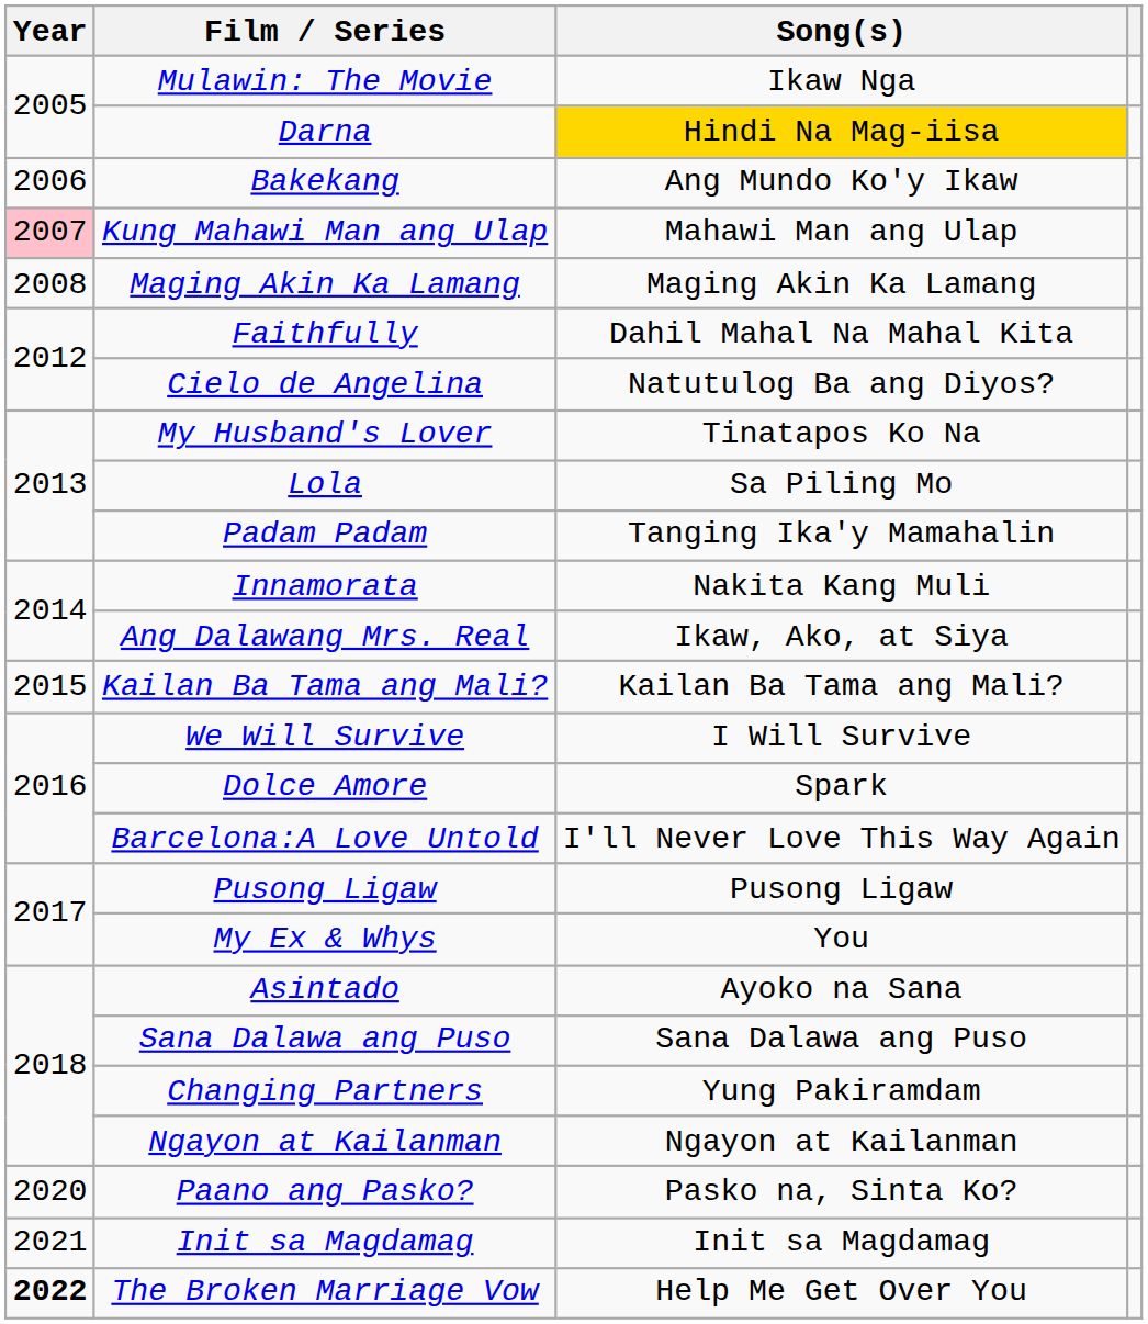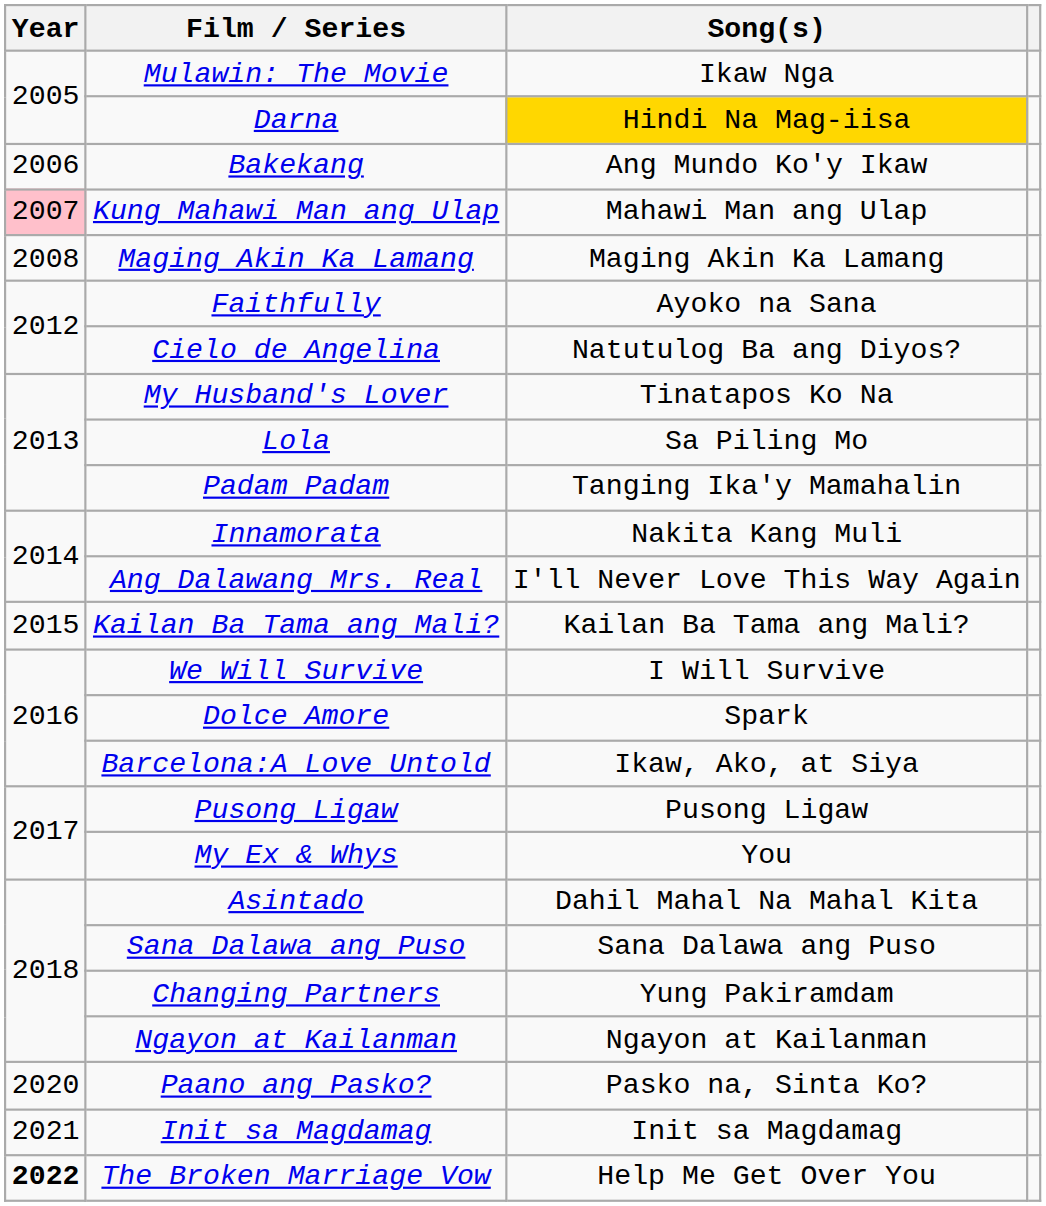 <table class="wikitable plainrowheaders" style="text-align:center;">
 <tr>
 <th scope="col">Year</th>
 <th scope="col">Film / Series</th>
 <th scope="col">Song(s)</th>
 <th scope="col"></th>
 </tr>
 <tr>
 <td rowspan="2">2005</td>
 <td><em><a href='#'>Mulawin: The Movie</a></em></td>
 <td>Ikaw Nga</td>
 <td></td>
 </tr>
 <tr>
 <td><em><a href='#'> Darna</a></em></td>
 <td style="background: gold;">Hindi Na Mag-iisa</td>
 <td></td>
 </tr>
 <tr>
 <td>2006</td>
 <td><em><a href='#'>Bakekang</a></em></td>
 <td>Ang Mundo Ko'y Ikaw</td>
 <td></td>
 </tr>
 <tr>
 <td style="background: pink;">2007</td>
 <td><em><a href='#'>Kung Mahawi Man ang Ulap</a></em></td>
 <td>Mahawi Man ang Ulap</td>
 <td></td>
 </tr>
 <tr>
 <td>2008</td>
 <td><em><a href='#'>Maging Akin Ka Lamang</a></em></td>
 <td>Maging Akin Ka Lamang</td>
 <td></td>
 </tr>
 <tr>
 <td rowspan="2">2012</td>
 <td><em><a href='#'>Faithfully</a></em></td>
-<td>Dahil Mahal Na Mahal Kita</td>
+<td>Ayoko na Sana</td>
 <td></td>
 </tr>
 <tr>
 <td><em><a href='#'>Cielo de Angelina</a></em></td>
 <td>Natutulog Ba ang Diyos?<br></td>
 <td></td>
 </tr>
 <tr>
 <td rowspan="3">2013</td>
 <td><em><a href='#'>My Husband's Lover</a></em></td>
 <td>Tinatapos Ko Na</td>
 <td></td>
 </tr>
 <tr>
 <td><em><a href='#'> Lola</a></em></td>
 <td>Sa Piling Mo</td>
 <td></td>
 </tr>
 <tr>
 <td><em><a href='#'> Padam Padam</a></em></td>
 <td>Tanging Ika'y Mamahalin</td>
 <td></td>
 </tr>
 <tr>
 <td Rowspan="2">2014</td>
 <td><em><a href='#'> Innamorata</a></em></td>
 <td>Nakita Kang Muli</td>
 <td></td>
 </tr>
 <tr>
 <td><em><a href='#'>Ang Dalawang Mrs. Real</a></em></td>
-<td>Ikaw, Ako, at Siya <br></td>
+<td>I'll Never Love This Way Again</td>
 <td></td>
 </tr>
 <tr>
 <td>2015</td>
 <td><em><a href='#'>Kailan Ba Tama ang Mali?</a></em></td>
 <td>Kailan Ba Tama ang Mali?</td>
 <td></td>
 </tr>
 <tr>
 <td rowspan="3">2016</td>
 <td><em><a href='#'>We Will Survive</a></em></td>
 <td>I Will Survive</td>
 <td></td>
 </tr>
 <tr>
 <td><em><a href='#'>Dolce Amore</a></em></td>
 <td>Spark</td>
 <td></td>
 </tr>
 <tr>
 <td><em><a href='#'>Barcelona:A Love Untold</a></em></td>
-<td>I'll Never Love This Way Again</td>
+<td>Ikaw, Ako, at Siya <br></td>
 <td></td>
 </tr>
 <tr>
 <td rowspan="2">2017</td>
 <td><em><a href='#'>Pusong Ligaw</a></em></td>
 <td>Pusong Ligaw</td>
 <td></td>
 </tr>
 <tr>
 <td><em><a href='#'>My Ex & Whys</a></em></td>
 <td>You</td>
 <td></td>
 </tr>
 <tr>
 <td rowspan="4">2018</td>
 <td><em><a href='#'>Asintado</a></em></td>
-<td>Ayoko na Sana</td>
+<td>Dahil Mahal Na Mahal Kita</td>
 <td></td>
 </tr>
 <tr>
 <td><em><a href='#'>Sana Dalawa ang Puso</a></em></td>
 <td>Sana Dalawa ang Puso<br></td>
 <td></td>
 </tr>
 <tr>
 <td><em><a href='#'>Changing Partners</a></em></td>
 <td>Yung Pakiramdam</td>
 <td></td>
 </tr>
 <tr>
 <td><em><a href='#'>Ngayon at Kailanman</a></em></td>
 <td>Ngayon at Kailanman</td>
 <td></td>
 </tr>
 <tr>
 <td>2020</td>
 <td><em><a href='#'>Paano ang Pasko?</a></em></td>
 <td>Pasko na, Sinta Ko?</td>
 <td></td>
 </tr>
 <tr>
 <td>2021</td>
 <td><em><a href='#'>Init sa Magdamag</a></em></td>
 <td>Init sa Magdamag</td>
 <td></td>
 </tr>
 <tr>
 <td><strong>2022</strong></td>
 <td><em><a href='#'>The Broken Marriage Vow</a></em></td>
 <td>Help Me Get Over You</td>
 <td></td>
 </tr>
 </table>
